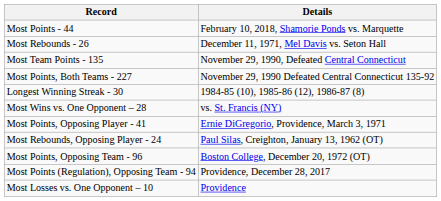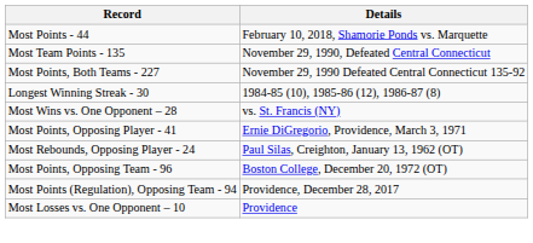 <table class="wikitable">
 <tr>
 <th>Record</th>
 <th>Details</th>
 </tr>
 <tr>
 <td>Most Points - 44</td>
 <td>February 10, 2018, <a href='#'>Shamorie Ponds</a> vs. Marquette</td>
-</tr>
-<tr>
-<td>Most Rebounds - 26</td>
-<td>December 11, 1971, <a href='#'>Mel Davis</a> vs. Seton Hall</td>
 </tr>
 <tr>
 <td>Most Team Points - 135</td>
 <td>November 29, 1990, Defeated <a href='#'>Central Connecticut</a></td>
 </tr>
 <tr>
 <td>Most Points, Both Teams - 227</td>
 <td>November 29, 1990 Defeated Central Connecticut 135-92</td>
 </tr>
 <tr>
 <td>Longest Winning Streak - 30</td>
 <td>1984-85 (10), 1985-86 (12), 1986-87 (8)</td>
 </tr>
 <tr>
 <td>Most Wins vs. One Opponent – 28</td>
 <td>vs. <a href='#'>St. Francis (NY)</a></td>
 </tr>
 <tr>
 <td>Most Points, Opposing Player - 41</td>
 <td><a href='#'>Ernie DiGregorio</a>, Providence, March 3, 1971</td>
 </tr>
 <tr>
 <td>Most Rebounds, Opposing Player - 24</td>
 <td><a href='#'>Paul Silas</a>, Creighton, January 13, 1962 (OT)</td>
 </tr>
 <tr>
 <td>Most Points, Opposing Team - 96</td>
 <td><a href='#'>Boston College</a>, December 20, 1972 (OT)</td>
 </tr>
 <tr>
 <td>Most Points (Regulation), Opposing Team - 94</td>
 <td>Providence, December 28, 2017</td>
 </tr>
 <tr>
 <td>Most Losses vs. One Opponent – 10</td>
 <td><a href='#'>Providence</a></td>
 </tr>
 </table>
